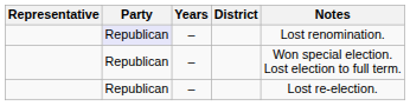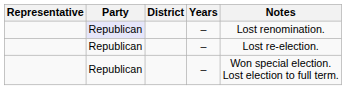 <table class="wikitable sortable" style="text-align:center">
 <tr valign=bottom>
 <th>Representative</th>
 <th>Party</th>
+<th>District</th>
 <th>Years</th>
-<th>District</th>
 <th>Notes</th>
 </tr>
 <tr>
 <td align=left></td>
 <td style="background: lavender;">Republican</td>
+<td></td>
 <td nowrap> –<br></td>
-<td></td>
 <td>Lost renomination.</td>
 </tr>
 <tr>
 <td align=left></td>
 <td>Republican</td>
+<td></td>
 <td nowrap> –<br></td>
-<td></td>
-<td>Won special election.<br>Lost election to full term.</td>
+<td>Lost re-election.</td>
 </tr>
 <tr>
 <td align=left></td>
 <td>Republican</td>
+<td></td>
 <td nowrap> –<br></td>
-<td></td>
-<td>Lost re-election.</td>
+<td>Won special election.<br>Lost election to full term.</td>
 </tr>
 </table>
